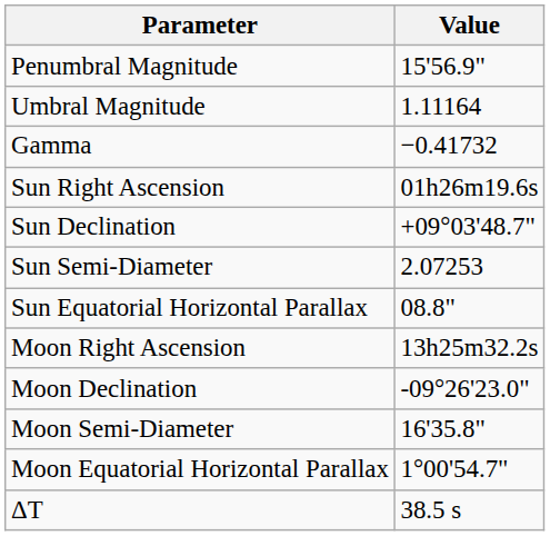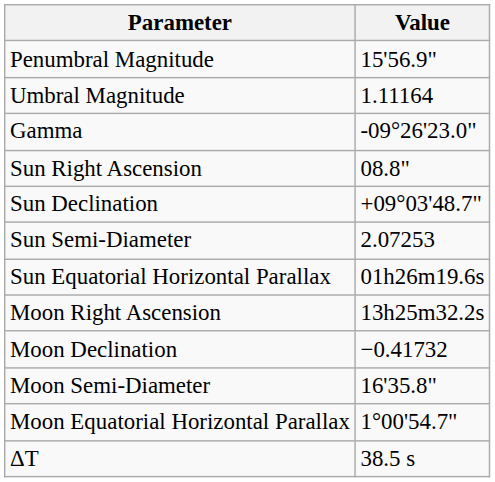 <table class="wikitable">
 <tr>
 <th>Parameter</th>
 <th>Value</th>
 </tr>
 <tr>
 <td>Penumbral Magnitude</td>
 <td>15'56.9"</td>
 </tr>
 <tr>
 <td>Umbral Magnitude</td>
 <td>1.11164</td>
 </tr>
 <tr>
 <td>Gamma</td>
-<td>−0.41732</td>
+<td>-09°26'23.0"</td>
 </tr>
 <tr>
 <td>Sun Right Ascension</td>
-<td>01h26m19.6s</td>
+<td>08.8"</td>
 </tr>
 <tr>
 <td>Sun Declination</td>
 <td>+09°03'48.7"</td>
 </tr>
 <tr>
 <td>Sun Semi-Diameter</td>
 <td>2.07253</td>
 </tr>
 <tr>
 <td>Sun Equatorial Horizontal Parallax</td>
-<td>08.8"</td>
+<td>01h26m19.6s</td>
 </tr>
 <tr>
 <td>Moon Right Ascension</td>
 <td>13h25m32.2s</td>
 </tr>
 <tr>
 <td>Moon Declination</td>
-<td>-09°26'23.0"</td>
+<td>−0.41732</td>
 </tr>
 <tr>
 <td>Moon Semi-Diameter</td>
 <td>16'35.8"</td>
 </tr>
 <tr>
 <td>Moon Equatorial Horizontal Parallax</td>
 <td>1°00'54.7"</td>
 </tr>
 <tr>
 <td>ΔT</td>
 <td>38.5 s</td>
 </tr>
 </table>
